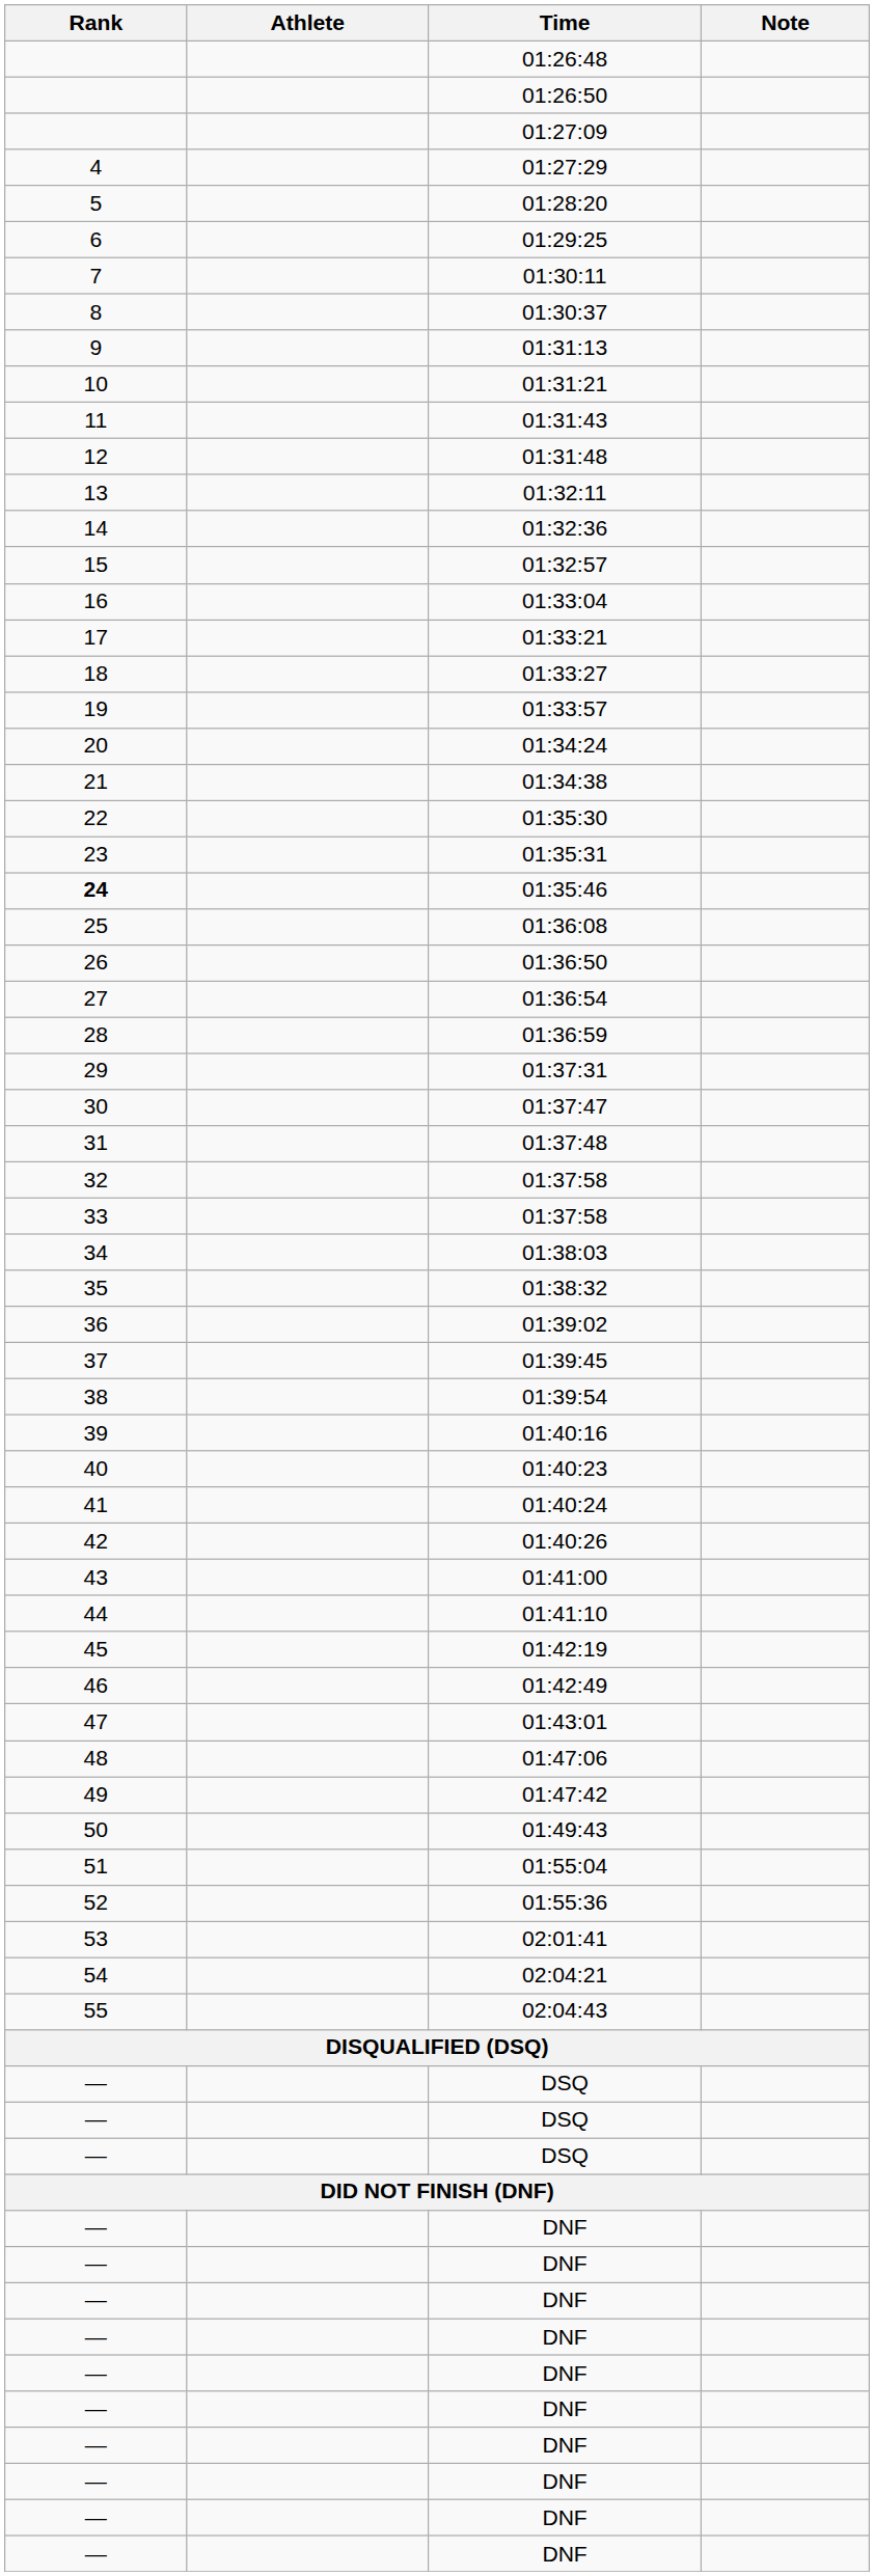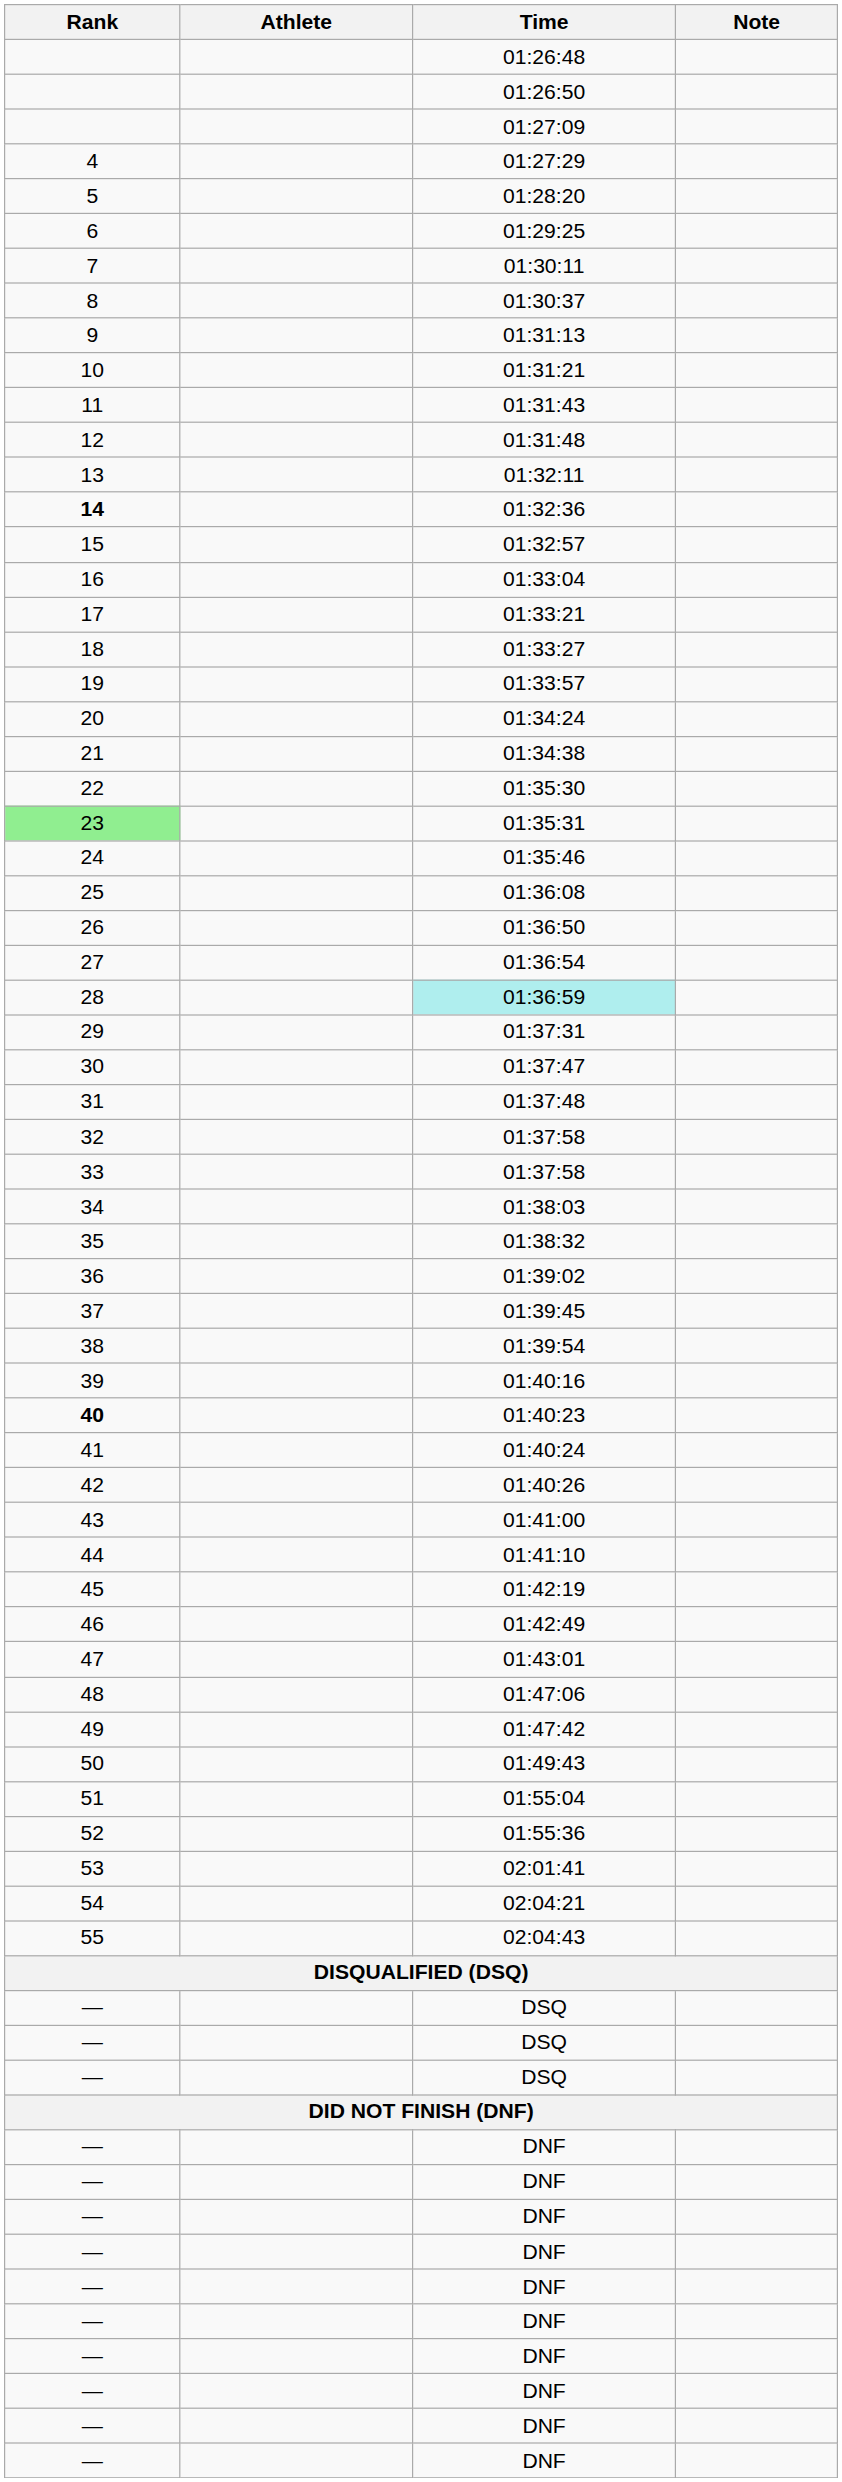 <table class="wikitable" style=" text-align:center; font-size:110%;" width="55%">
 <tr>
 <th>Rank</th>
 <th>Athlete</th>
 <th>Time</th>
 <th>Note</th>
 </tr>
 <tr>
 <td></td>
 <td align=left></td>
 <td>01:26:48</td>
 <td></td>
 </tr>
 <tr>
 <td></td>
 <td align=left></td>
 <td>01:26:50</td>
 <td></td>
 </tr>
 <tr>
 <td></td>
 <td align=left></td>
 <td>01:27:09</td>
 <td></td>
 </tr>
 <tr>
 <td>4</td>
 <td align=left></td>
 <td>01:27:29</td>
 <td></td>
 </tr>
 <tr>
 <td>5</td>
 <td align=left></td>
 <td>01:28:20</td>
 <td></td>
 </tr>
 <tr>
 <td>6</td>
 <td align=left></td>
 <td>01:29:25</td>
 <td></td>
 </tr>
 <tr>
 <td>7</td>
 <td align=left></td>
 <td>01:30:11</td>
 <td></td>
 </tr>
 <tr>
 <td>8</td>
 <td align=left></td>
 <td>01:30:37</td>
 <td></td>
 </tr>
 <tr>
 <td>9</td>
 <td align=left></td>
 <td>01:31:13</td>
 <td></td>
 </tr>
 <tr>
 <td>10</td>
 <td align=left></td>
 <td>01:31:21</td>
 <td></td>
 </tr>
 <tr>
 <td>11</td>
 <td align=left></td>
 <td>01:31:43</td>
 <td></td>
 </tr>
 <tr>
 <td>12</td>
 <td align=left></td>
 <td>01:31:48</td>
 <td></td>
 </tr>
 <tr>
 <td>13</td>
 <td align=left></td>
 <td>01:32:11</td>
 <td></td>
 </tr>
 <tr>
-<td>14</td>
+<td><strong>14</strong></td>
 <td align=left></td>
 <td>01:32:36</td>
 <td></td>
 </tr>
 <tr>
 <td>15</td>
 <td align=left></td>
 <td>01:32:57</td>
 <td></td>
 </tr>
 <tr>
 <td>16</td>
 <td align=left></td>
 <td>01:33:04</td>
 <td></td>
 </tr>
 <tr>
 <td>17</td>
 <td align=left></td>
 <td>01:33:21</td>
 <td></td>
 </tr>
 <tr>
 <td>18</td>
 <td align=left></td>
 <td>01:33:27</td>
 <td></td>
 </tr>
 <tr>
 <td>19</td>
 <td align=left></td>
 <td>01:33:57</td>
 <td></td>
 </tr>
 <tr>
 <td>20</td>
 <td align=left></td>
 <td>01:34:24</td>
 <td></td>
 </tr>
 <tr>
 <td>21</td>
 <td align=left></td>
 <td>01:34:38</td>
 <td></td>
 </tr>
 <tr>
 <td>22</td>
 <td align=left></td>
 <td>01:35:30</td>
 <td></td>
 </tr>
 <tr>
-<td>23</td>
+<td style="background: lightgreen;">23</td>
 <td align=left></td>
 <td>01:35:31</td>
 <td></td>
 </tr>
 <tr>
-<td><strong>24</strong></td>
+<td>24</td>
 <td align=left></td>
 <td>01:35:46</td>
 <td></td>
 </tr>
 <tr>
 <td>25</td>
 <td align=left></td>
 <td>01:36:08</td>
 <td></td>
 </tr>
 <tr>
 <td>26</td>
 <td align=left></td>
 <td>01:36:50</td>
 <td></td>
 </tr>
 <tr>
 <td>27</td>
 <td align=left></td>
 <td>01:36:54</td>
 <td></td>
 </tr>
 <tr>
 <td>28</td>
 <td align=left></td>
-<td>01:36:59</td>
+<td style="background: paleturquoise;">01:36:59</td>
 <td></td>
 </tr>
 <tr>
 <td>29</td>
 <td align=left></td>
 <td>01:37:31</td>
 <td></td>
 </tr>
 <tr>
 <td>30</td>
 <td align=left></td>
 <td>01:37:47</td>
 <td></td>
 </tr>
 <tr>
 <td>31</td>
 <td align=left></td>
 <td>01:37:48</td>
 <td></td>
 </tr>
 <tr>
 <td>32</td>
 <td align=left></td>
 <td>01:37:58</td>
 <td></td>
 </tr>
 <tr>
 <td>33</td>
 <td align=left></td>
 <td>01:37:58</td>
 <td></td>
 </tr>
 <tr>
 <td>34</td>
 <td align=left></td>
 <td>01:38:03</td>
 <td></td>
 </tr>
 <tr>
 <td>35</td>
 <td align=left></td>
 <td>01:38:32</td>
 <td></td>
 </tr>
 <tr>
 <td>36</td>
 <td align=left></td>
 <td>01:39:02</td>
 <td></td>
 </tr>
 <tr>
 <td>37</td>
 <td align=left></td>
 <td>01:39:45</td>
 <td></td>
 </tr>
 <tr>
 <td>38</td>
 <td align=left></td>
 <td>01:39:54</td>
 <td></td>
 </tr>
 <tr>
 <td>39</td>
 <td align=left></td>
 <td>01:40:16</td>
 <td></td>
 </tr>
 <tr>
-<td>40</td>
+<td><strong>40</strong></td>
 <td align=left></td>
 <td>01:40:23</td>
 <td></td>
 </tr>
 <tr>
 <td>41</td>
 <td align=left></td>
 <td>01:40:24</td>
 <td></td>
 </tr>
 <tr>
 <td>42</td>
 <td align=left></td>
 <td>01:40:26</td>
 <td></td>
 </tr>
 <tr>
 <td>43</td>
 <td align=left></td>
 <td>01:41:00</td>
 <td></td>
 </tr>
 <tr>
 <td>44</td>
 <td align=left></td>
 <td>01:41:10</td>
 <td></td>
 </tr>
 <tr>
 <td>45</td>
 <td align=left></td>
 <td>01:42:19</td>
 <td></td>
 </tr>
 <tr>
 <td>46</td>
 <td align=left></td>
 <td>01:42:49</td>
 <td></td>
 </tr>
 <tr>
 <td>47</td>
 <td align=left></td>
 <td>01:43:01</td>
 <td></td>
 </tr>
 <tr>
 <td>48</td>
 <td align=left></td>
 <td>01:47:06</td>
 <td></td>
 </tr>
 <tr>
 <td>49</td>
 <td align=left></td>
 <td>01:47:42</td>
 <td></td>
 </tr>
 <tr>
 <td>50</td>
 <td align=left></td>
 <td>01:49:43</td>
 <td></td>
 </tr>
 <tr>
 <td>51</td>
 <td align=left></td>
 <td>01:55:04</td>
 <td></td>
 </tr>
 <tr>
 <td>52</td>
 <td align=left></td>
 <td>01:55:36</td>
 <td></td>
 </tr>
 <tr>
 <td>53</td>
 <td align=left></td>
 <td>02:01:41</td>
 <td></td>
 </tr>
 <tr>
 <td>54</td>
 <td align=left></td>
 <td>02:04:21</td>
 <td></td>
 </tr>
 <tr>
 <td>55</td>
 <td align=left></td>
 <td>02:04:43</td>
 <td></td>
 </tr>
 <tr>
 <th colspan="4">DISQUALIFIED (DSQ)</th>
 </tr>
 <tr>
 <td>—</td>
 <td align=left></td>
 <td>DSQ</td>
 <td></td>
 </tr>
 <tr>
 <td>—</td>
 <td align=left></td>
 <td>DSQ</td>
 <td></td>
 </tr>
 <tr>
 <td>—</td>
 <td align=left></td>
 <td>DSQ</td>
 <td></td>
 </tr>
 <tr>
 <th colspan="4">DID NOT FINISH (DNF)</th>
 </tr>
 <tr>
 <td>—</td>
 <td align=left></td>
 <td>DNF</td>
 <td></td>
 </tr>
 <tr>
 <td>—</td>
 <td align=left></td>
 <td>DNF</td>
 <td></td>
 </tr>
 <tr>
 <td>—</td>
 <td align=left></td>
 <td>DNF</td>
 <td></td>
 </tr>
 <tr>
 <td>—</td>
 <td align=left></td>
 <td>DNF</td>
 <td></td>
 </tr>
 <tr>
 <td>—</td>
 <td align=left></td>
 <td>DNF</td>
 <td></td>
 </tr>
 <tr>
 <td>—</td>
 <td align=left></td>
 <td>DNF</td>
 <td></td>
 </tr>
 <tr>
 <td>—</td>
 <td align=left></td>
 <td>DNF</td>
 <td></td>
 </tr>
 <tr>
 <td>—</td>
 <td align=left></td>
 <td>DNF</td>
 <td></td>
 </tr>
 <tr>
 <td>—</td>
 <td align=left></td>
 <td>DNF</td>
 <td></td>
 </tr>
 <tr>
 <td>—</td>
 <td align=left></td>
 <td>DNF</td>
 <td></td>
 </tr>
 </table>
